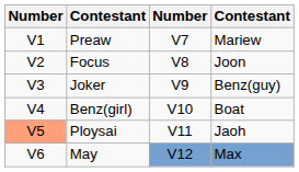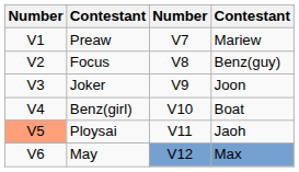 <table class="wikitable">
 <tr>
 <th>Number</th>
 <th>Contestant</th>
 <th>Number</th>
 <th>Contestant</th>
 </tr>
 <tr>
 <td style="text-align:center;">V1</td>
 <td>Preaw</td>
 <td style="text-align:center;">V7</td>
 <td>Mariew</td>
 </tr>
 <tr>
 <td style="text-align:center;">V2</td>
 <td>Focus</td>
 <td style="text-align:center;">V8</td>
-<td>Joon</td>
+<td>Benz(guy)</td>
 </tr>
 <tr>
 <td style="text-align:center;">V3</td>
 <td>Joker</td>
 <td style="text-align:center;">V9</td>
-<td>Benz(guy)</td>
+<td>Joon</td>
 </tr>
 <tr>
 <td style="text-align:center;">V4</td>
 <td>Benz(girl)</td>
 <td style="text-align:center;">V10</td>
 <td>Boat</td>
 </tr>
 <tr>
 <td style="background: lightsalmon; text-align:center;">V5</td>
 <td>Ploysai</td>
 <td style="text-align:center;">V11</td>
 <td>Jaoh</td>
 </tr>
 <tr>
 <td style="text-align:center;">V6</td>
 <td>May</td>
 <td style="background:#75a1d0; text-align:center;">V12</td>
 <td style="background:#75A1D0">Max</td>
 </tr>
 </table>
